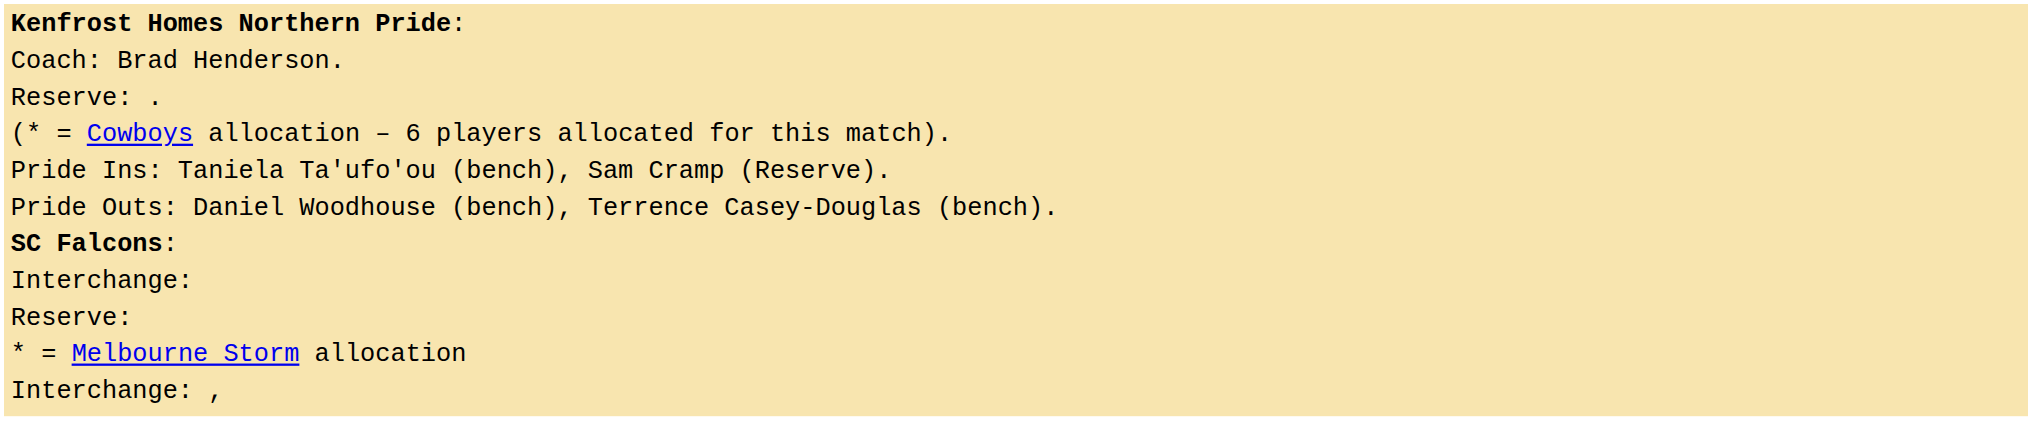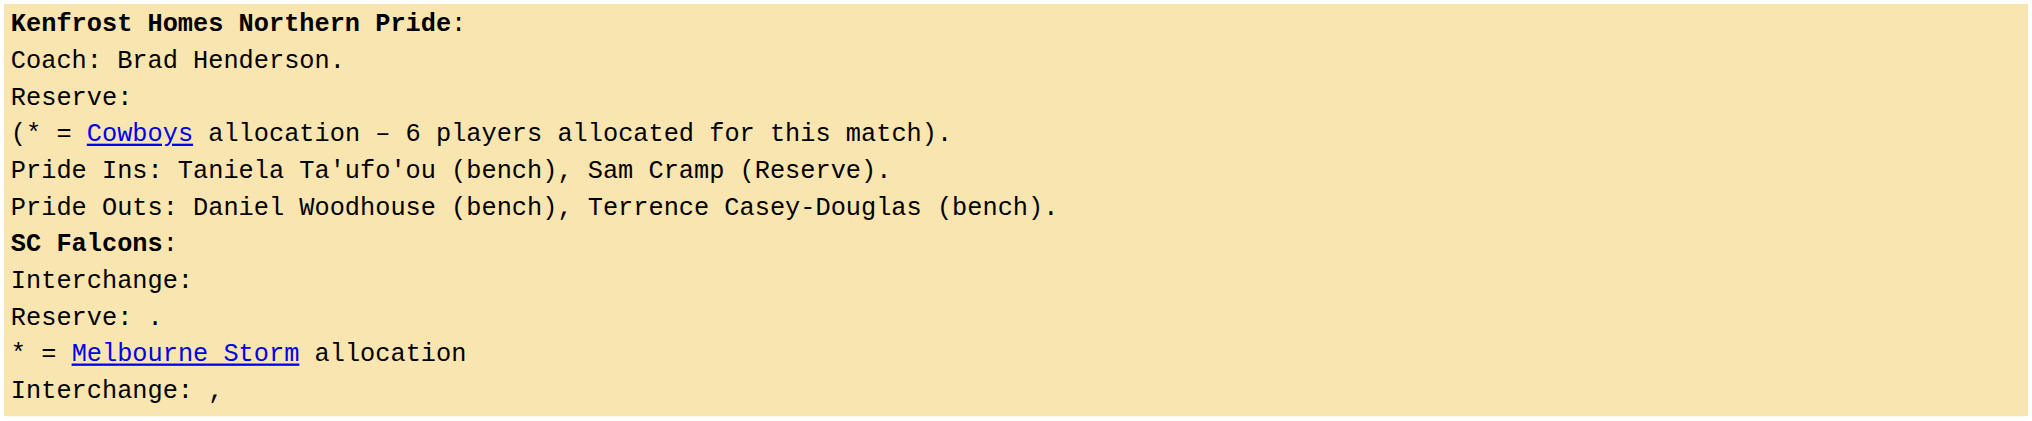 <table style="background:#f8e5af; font-size:85%; width:100%;">
 <tr>
 <td><strong>Kenfrost Homes Northern Pride</strong>:             </td>
 </tr>
 <tr>
 <td>Coach: Brad Henderson.</td>
 </tr>
 <tr>
-<td>Reserve: .</td>
+<td>Reserve: </td>
 </tr>
 <tr>
 <td>(* = <a href='#'>Cowboys</a> allocation – 6 players allocated for this match).</td>
 </tr>
 <tr>
 <td>Pride Ins: Taniela Ta'ufo'ou (bench), Sam Cramp (Reserve).</td>
 </tr>
 <tr>
 <td>Pride Outs: Daniel Woodhouse (bench), Terrence Casey-Douglas (bench).</td>
 </tr>
 <tr>
 <td><strong>SC Falcons</strong>:             </td>
 </tr>
 <tr>
 <td>Interchange:    </td>
 </tr>
 <tr>
-<td>Reserve: </td>
+<td>Reserve: .</td>
 </tr>
 <tr>
 <td>* = <a href='#'>Melbourne Storm</a> allocation</td>
 </tr>
 <tr>
 <td>Interchange: ,   </td>
 </tr>
 <tr>
 </tr>
 </table>
